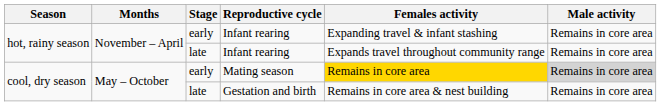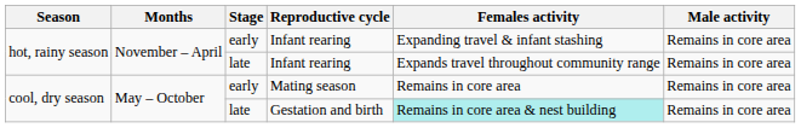 <table class="wikitable" align="center" style="text-align:left">
 <tr>
 <th>Season</th>
 <th>Months</th>
 <th>Stage</th>
 <th>Reproductive cycle</th>
 <th>Females activity</th>
 <th>Male activity</th>
 </tr>
 <tr>
 <td rowspan="2">hot, rainy season</td>
 <td rowspan="2">November – April</td>
 <td>early</td>
 <td>Infant rearing</td>
 <td>Expanding travel & infant stashing</td>
 <td>Remains in core area</td>
 </tr>
 <tr>
 <td>late</td>
 <td>Infant rearing</td>
 <td>Expands travel throughout community range</td>
 <td>Remains in core area</td>
 </tr>
 <tr>
 <td rowspan="2">cool, dry season</td>
 <td rowspan="2">May – October</td>
 <td>early</td>
 <td>Mating season</td>
-<td style="background: gold;">Remains in core area</td>
-<td style="background: lightgrey;">Remains in core area</td>
+<td>Remains in core area</td>
+<td>Remains in core area</td>
 </tr>
 <tr>
 <td>late</td>
 <td>Gestation and birth</td>
-<td>Remains in core area & nest building</td>
+<td style="background: paleturquoise;">Remains in core area & nest building</td>
 <td>Remains in core area</td>
 </tr>
 </table>
